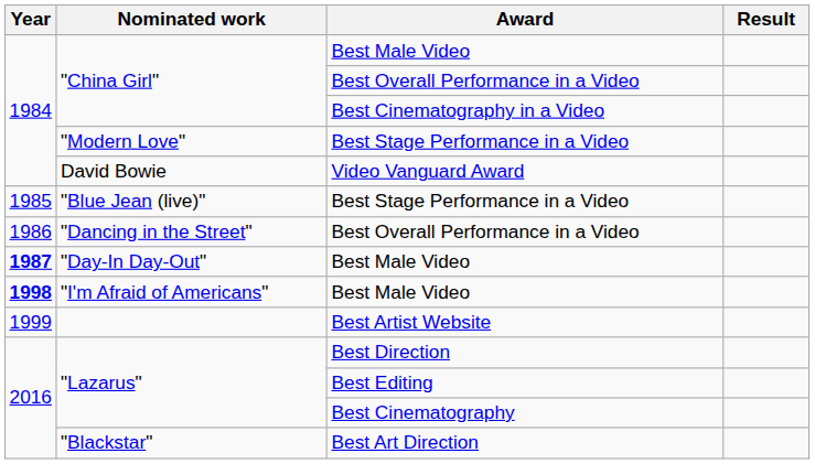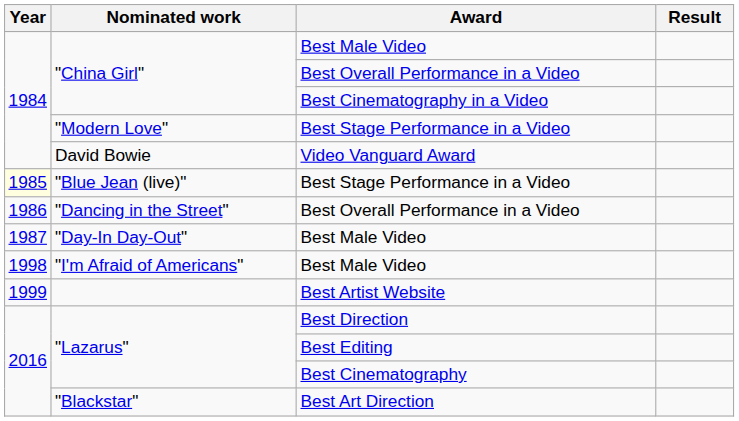 <table class="wikitable">
 <tr>
 <th>Year</th>
 <th style="width:220px;">Nominated work</th>
 <th style="width:325px;">Award</th>
 <th width="65">Result</th>
 </tr>
 <tr>
 <td rowspan="5"><a href='#'>1984</a></td>
 <td rowspan="3">"<a href='#'>China Girl</a>"</td>
 <td><a href='#'>Best Male Video</a></td>
 <td></td>
 </tr>
 <tr>
 <td><a href='#'>Best Overall Performance in a Video</a></td>
 <td></td>
 </tr>
 <tr>
 <td><a href='#'>Best Cinematography in a Video</a></td>
 <td></td>
 </tr>
 <tr>
 <td>"<a href='#'>Modern Love</a>"</td>
 <td><a href='#'>Best Stage Performance in a Video</a></td>
 <td></td>
 </tr>
 <tr>
 <td>David Bowie</td>
 <td><a href='#'>Video Vanguard Award</a></td>
 <td></td>
 </tr>
 <tr>
-<td><a href='#'>1985</a></td>
+<td style="background: lightyellow;"><a href='#'>1985</a></td>
 <td>"<a href='#'>Blue Jean</a> (live)"</td>
 <td>Best Stage Performance in a Video</td>
 <td></td>
 </tr>
 <tr>
 <td><a href='#'>1986</a></td>
 <td>"<a href='#'>Dancing in the Street</a>"</td>
 <td>Best Overall Performance in a Video</td>
 <td></td>
 </tr>
 <tr>
-<td><strong><a href='#'>1987</a></strong></td>
+<td><a href='#'>1987</a></td>
 <td>"<a href='#'>Day-In Day-Out</a>"</td>
 <td>Best Male Video</td>
 <td></td>
 </tr>
 <tr>
-<td><strong><a href='#'>1998</a></strong></td>
+<td><a href='#'>1998</a></td>
 <td>"<a href='#'>I'm Afraid of Americans</a>"</td>
 <td>Best Male Video</td>
 <td></td>
 </tr>
 <tr>
 <td><a href='#'>1999</a></td>
 <td></td>
 <td><a href='#'>Best Artist Website</a></td>
 <td></td>
 </tr>
 <tr>
 <td rowspan="4"><a href='#'>2016</a></td>
 <td rowspan="3">"<a href='#'>Lazarus</a>"</td>
 <td><a href='#'>Best Direction</a></td>
 <td></td>
 </tr>
 <tr>
 <td><a href='#'>Best Editing</a></td>
 <td></td>
 </tr>
 <tr>
 <td><a href='#'>Best Cinematography</a></td>
 <td></td>
 </tr>
 <tr>
 <td>"<a href='#'>Blackstar</a>"</td>
 <td><a href='#'>Best Art Direction</a></td>
 <td></td>
 </tr>
 </table>
